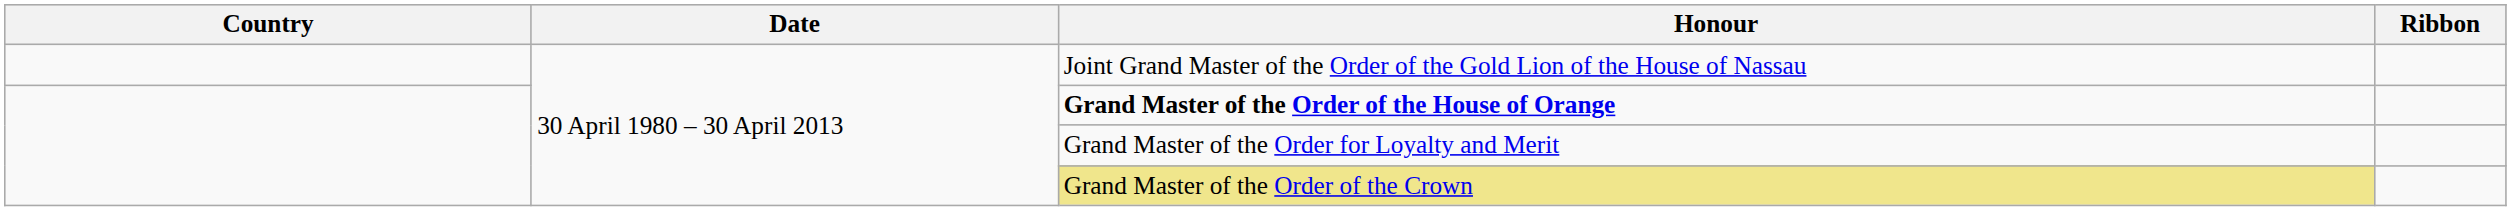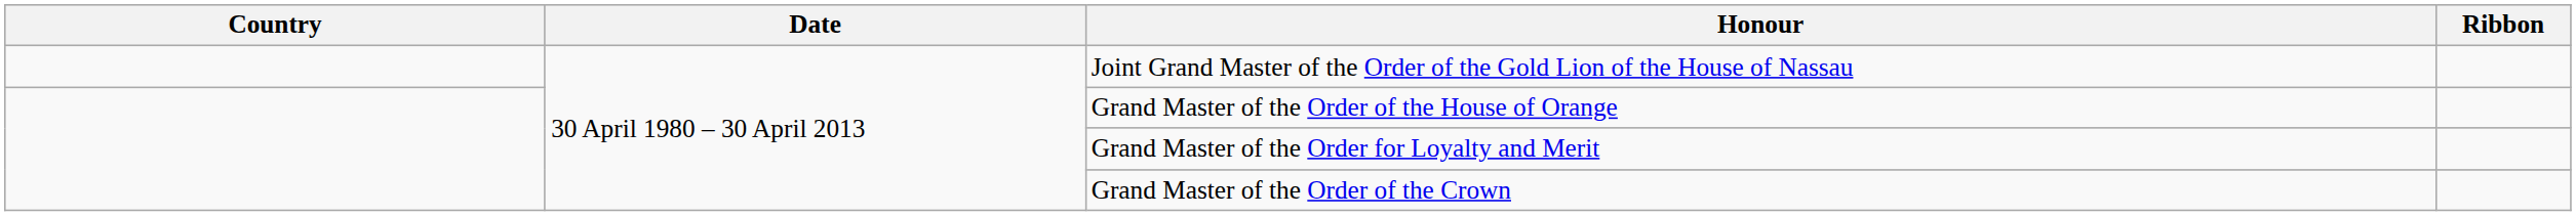 <table class="wikitable sortable plainrowheaders" width="100%" style="margin:0.5em 1em 0.5em 0; border:1px solid #005566; border-collapse:collapse;">
 <tr>
 <th width="20%"><span>Country</span></th>
 <th width="20%"><span>Date</span></th>
 <th width="50%"><span>Honour</span></th>
 <th width="5%"><span>Ribbon</span></th>
 </tr>
 <tr>
 <td><br></td>
 <td rowspan="4">30 April 1980 – 30 April 2013</td>
 <td>Joint Grand Master of the <a href='#'>Order of the Gold Lion of the House of Nassau</a></td>
 <td></td>
 </tr>
 <tr>
 <td rowspan="3"></td>
-<td><strong>Grand Master of the <a href='#'>Order of the House of Orange</a></strong></td>
+<td>Grand Master of the <a href='#'>Order of the House of Orange</a></td>
 <td></td>
 </tr>
 <tr>
 <td>Grand Master of the <a href='#'>Order for Loyalty and Merit</a></td>
 <td></td>
 </tr>
 <tr>
-<td style="background: khaki;">Grand Master of the <a href='#'>Order of the Crown</a></td>
+<td>Grand Master of the <a href='#'>Order of the Crown</a></td>
 <td></td>
 </tr>
 </table>
